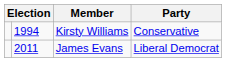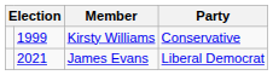 <table class="wikitable">
 <tr>
 <th colspan="2">Election</th>
 <th>Member</th>
 <th>Party</th>
 </tr>
 <tr>
 <td style="background-color: "></td>
-<td><a href='#'>1994</a></td>
+<td><a href='#'>1999</a></td>
 <td><a href='#'>Kirsty Williams</a></td>
 <td><a href='#'>Conservative</a></td>
 </tr>
 <tr>
 <td style="background-color: "></td>
-<td><a href='#'>2011</a></td>
+<td><a href='#'>2021</a></td>
 <td><a href='#'>James Evans</a></td>
 <td><a href='#'>Liberal Democrat</a></td>
 </tr>
 </table>
